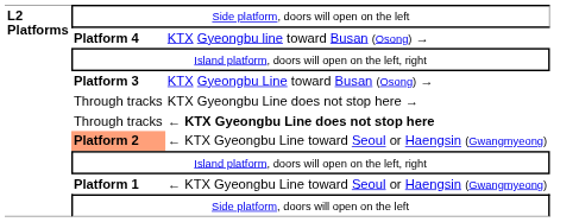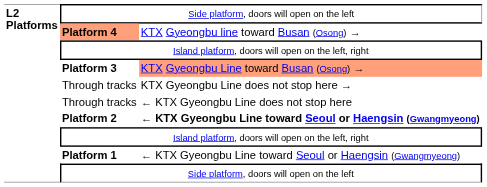 <table table border=0 cellspacing=0 cellpadding=3>
 <tr>
 <td style="border-top:solid 1px gray;border-bottom:solid 1px gray;" width=50 rowspan=25 valign=top><strong>L2<br>Platforms</strong></td>
 <td style="border-top:solid 2px black;border-right:solid 1px gray;border-left:solid 2px black;border-bottom:solid 2px black;text-align:center;" colspan=2><small><a href='#'>Side platform</a>, doors will open on the left</small></td>
 </tr>
 <tr>
-<td><span><strong>Platform 4</strong></span></td>
+<td style="background: lightsalmon;"><span><strong>Platform 4</strong></span></td>
 <td> <a href='#'>KTX</a> <a href='#'>Gyeongbu line</a> toward <a href='#'>Busan</a> <small>(<a href='#'>Osong</a>)</small> →</td>
 </tr>
 <tr>
 <td style="border-top:solid 2px black;border-right:solid 2px black;border-left:solid 2px black;border-bottom:solid 2px black;text-align:center;" colspan=2><small><a href='#'>Island platform</a>, doors will open on the left, right</small></td>
 </tr>
 <tr>
 <td><span><strong>Platform 3</strong></span></td>
-<td> <a href='#'>KTX</a> <a href='#'>Gyeongbu Line</a> toward <a href='#'>Busan</a> <small>(<a href='#'>Osong</a>)</small> →</td>
+<td style="background: lightsalmon;"> <a href='#'>KTX</a> <a href='#'>Gyeongbu Line</a> toward <a href='#'>Busan</a> <small>(<a href='#'>Osong</a>)</small> →</td>
 </tr>
 <tr>
 <td>Through tracks</td>
 <td> KTX Gyeongbu Line does not stop here →</td>
 </tr>
 <tr>
 <td>Through tracks</td>
-<td><strong>← KTX Gyeongbu Line does not stop here</strong></td>
+<td>← KTX Gyeongbu Line does not stop here</td>
 </tr>
 <tr>
-<td style="background: lightsalmon;"><span><strong>Platform 2</strong></span></td>
-<td>← KTX Gyeongbu Line toward <a href='#'>Seoul</a> or <a href='#'>Haengsin</a> <small>(<a href='#'>Gwangmyeong</a>)</small></td>
+<td><span><strong>Platform 2</strong></span></td>
+<td><strong>← KTX Gyeongbu Line toward <a href='#'>Seoul</a> or <a href='#'>Haengsin</a> <small>(<a href='#'>Gwangmyeong</a>)</small></strong></td>
 </tr>
 <tr>
 <td style="border-top:solid 2px black;border-right:solid 2px black;border-left:solid 2px black;border-bottom:solid 2px black;text-align:center;" colspan=2><small><a href='#'>Island platform</a>, doors will open on the left, right</small></td>
 </tr>
 <tr>
 <td><span><strong>Platform 1</strong></span></td>
 <td>← KTX Gyeongbu Line toward <a href='#'>Seoul</a> or <a href='#'>Haengsin</a> <small>(<a href='#'>Gwangmyeong</a>)</small></td>
 </tr>
 <tr>
 <td style="border-top:solid 2px black;border-right:solid 2px black;border-left:solid 2px black;border-bottom:solid 1px gray;text-align:center;" colspan=2><small><a href='#'>Side platform</a>, doors will open on the left</small></td>
 </tr>
 </table>
